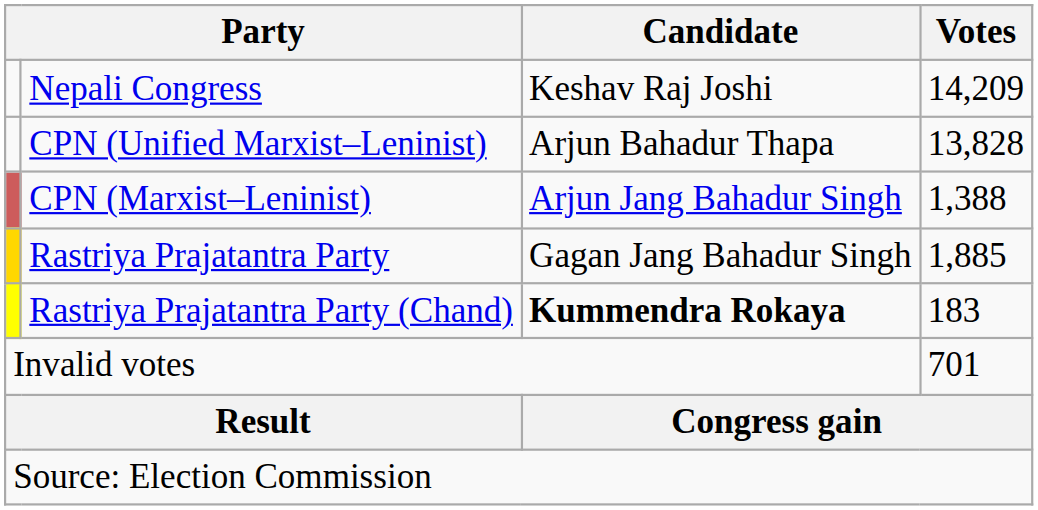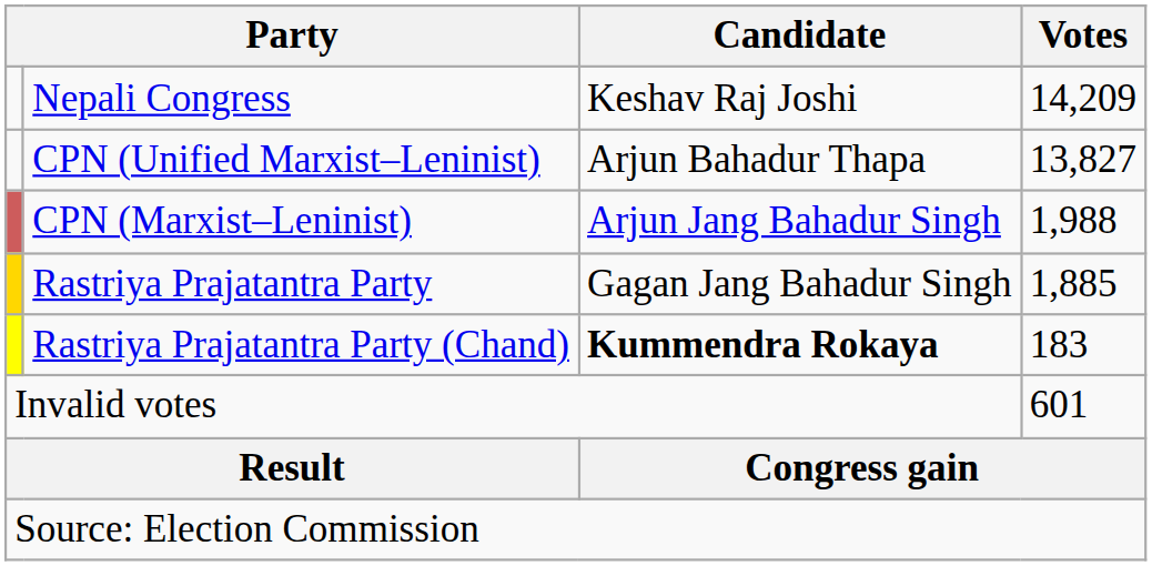 <table class="wikitable">
 <tr>
 <th colspan="2">Party</th>
 <th>Candidate</th>
 <th>Votes</th>
 </tr>
 <tr>
 <td style="color:inherit;background-color:"></td>
 <td><a href='#'>Nepali Congress</a></td>
 <td>Keshav Raj Joshi</td>
 <td>14,209</td>
 </tr>
 <tr>
 <td style="color:inherit;background-color:"></td>
 <td><a href='#'>CPN (Unified Marxist–Leninist)</a></td>
 <td>Arjun Bahadur Thapa</td>
-<td>13,828</td>
+<td>13,827</td>
 </tr>
 <tr>
 <td style="color:inherit;background-color:indianred"></td>
 <td><a href='#'>CPN (Marxist–Leninist)</a></td>
 <td><a href='#'>Arjun Jang Bahadur Singh</a></td>
-<td>1,388</td>
+<td>1,988</td>
 </tr>
 <tr>
 <td style="color:inherit;background-color:gold"></td>
 <td><a href='#'>Rastriya Prajatantra Party</a></td>
 <td>Gagan Jang Bahadur Singh</td>
 <td>1,885</td>
 </tr>
 <tr>
 <td style="color:inherit;background-color:yellow"></td>
 <td><a href='#'>Rastriya Prajatantra Party (Chand)</a></td>
 <td><strong>Kummendra Rokaya</strong></td>
 <td>183</td>
 </tr>
 <tr>
 <td colspan="3">Invalid votes</td>
-<td>701</td>
+<td>601</td>
 </tr>
 <tr>
 <th colspan="2">Result</th>
 <th colspan="2">Congress gain</th>
 </tr>
 <tr>
 <td colspan="4">Source: Election Commission</td>
 </tr>
 </table>
